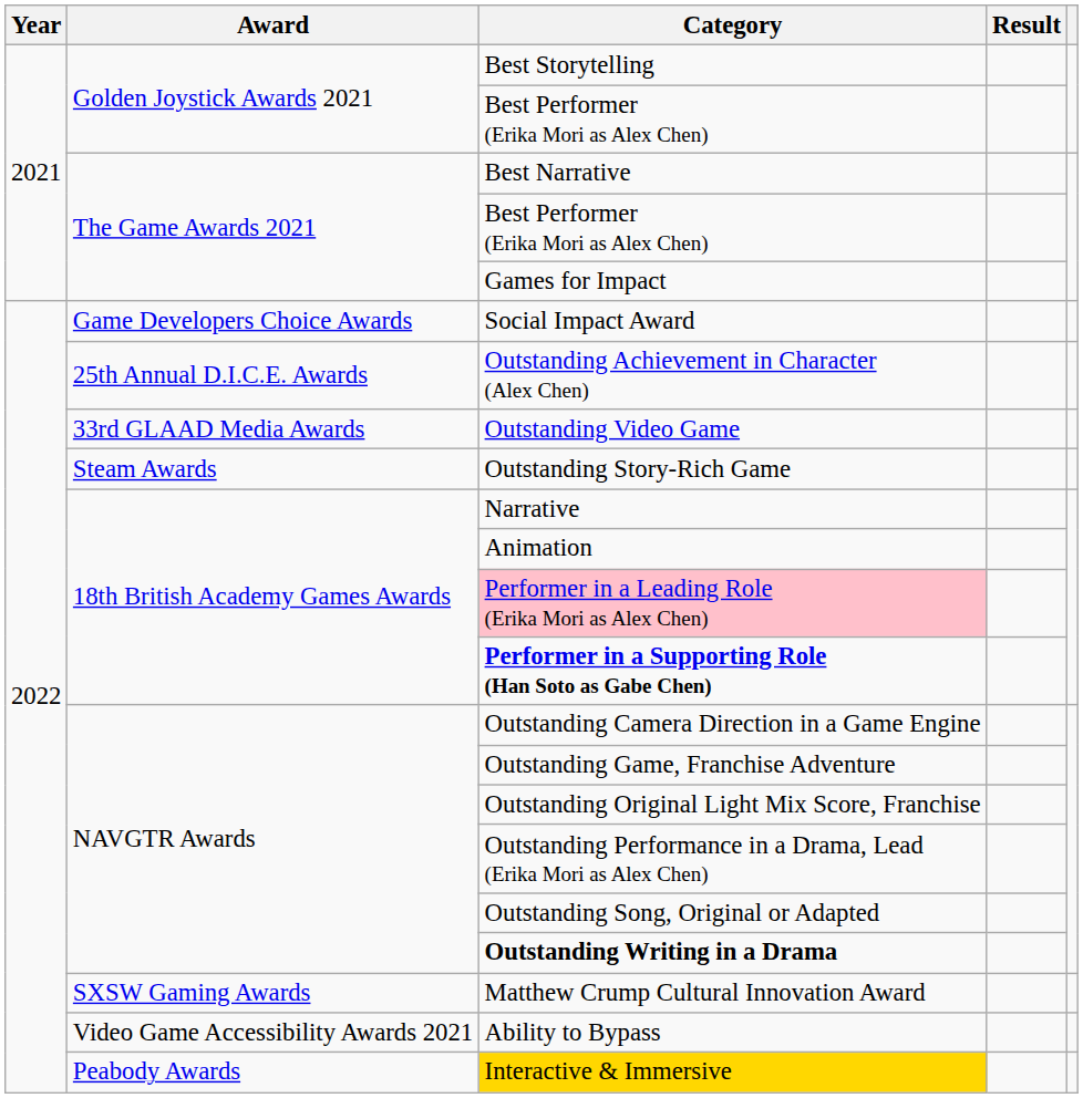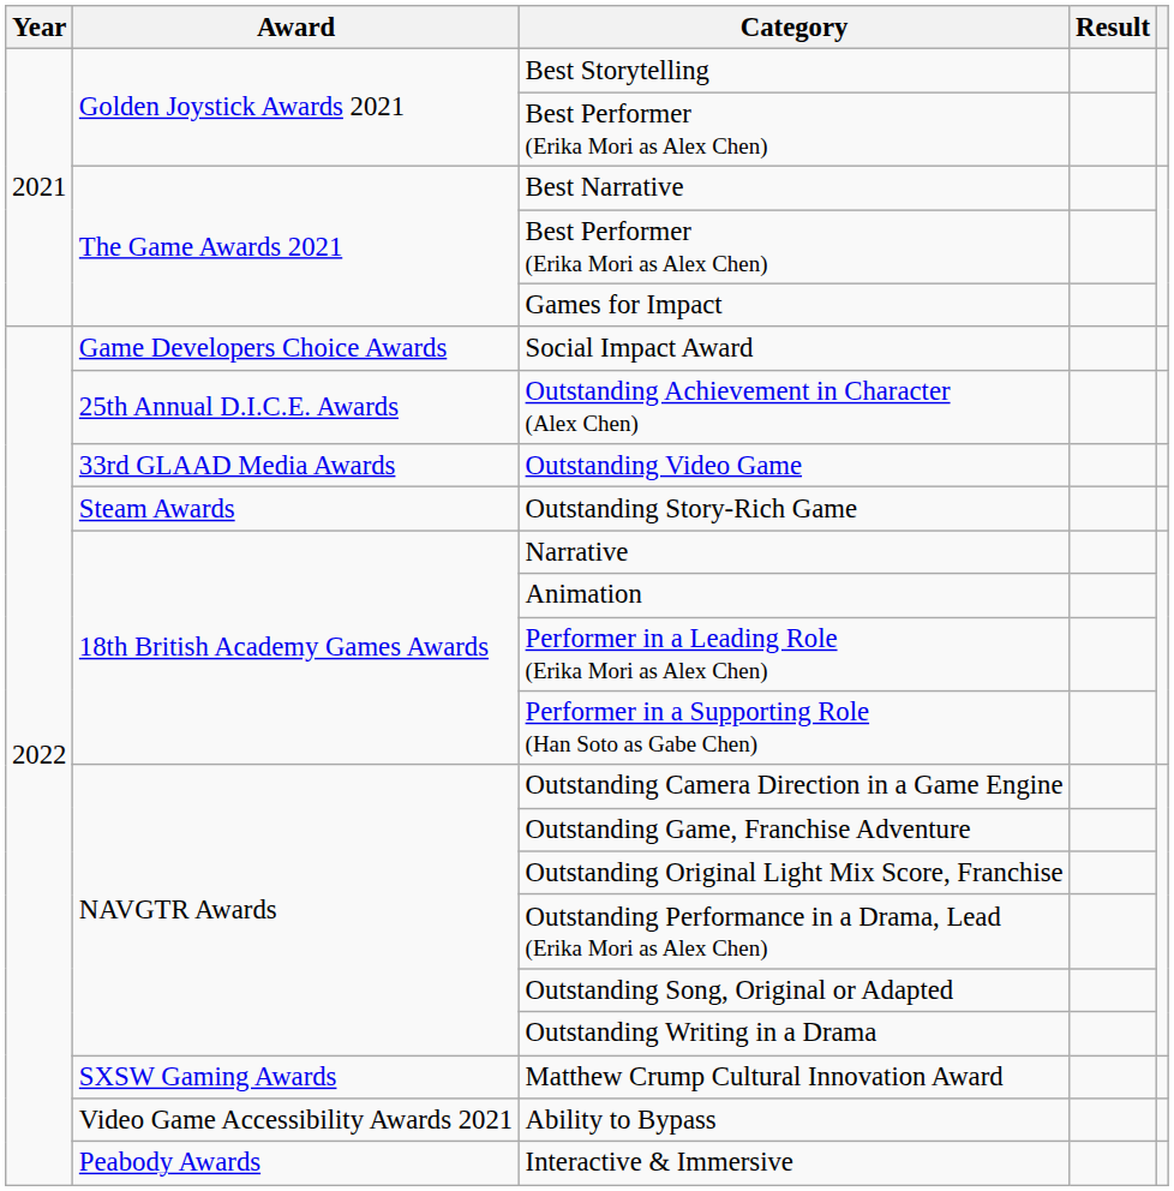 <table class="wikitable unsortable">
 <tr>
 <th>Year</th>
 <th>Award</th>
 <th>Category</th>
 <th>Result</th>
 <th></th>
 </tr>
 <tr>
 <td rowspan="5">2021</td>
 <td rowspan="2"><a href='#'>Golden Joystick Awards</a> 2021</td>
 <td>Best Storytelling</td>
 <td></td>
 <td rowspan="2" style="text-align:center;"></td>
 </tr>
 <tr>
 <td>Best Performer<br><small>(Erika Mori as Alex Chen)</small></td>
 <td></td>
 </tr>
 <tr>
 <td rowspan="3"><a href='#'>The Game Awards 2021</a></td>
 <td>Best Narrative</td>
 <td></td>
 <td rowspan="3" style="text-align:center;"></td>
 </tr>
 <tr>
 <td>Best Performer<br><small>(Erika Mori as Alex Chen)</small></td>
 <td></td>
 </tr>
 <tr>
 <td>Games for Impact</td>
 <td></td>
 </tr>
 <tr>
 <td rowspan="17">2022</td>
 <td><a href='#'>Game Developers Choice Awards</a></td>
 <td>Social Impact Award</td>
 <td></td>
 <td style="text-align:center;"></td>
 </tr>
 <tr>
 <td><a href='#'>25th Annual D.I.C.E. Awards</a></td>
 <td><a href='#'>Outstanding Achievement in Character</a><br><small>(Alex Chen)</small></td>
 <td></td>
 <td style="text-align:center;"></td>
 </tr>
 <tr>
 <td><a href='#'>33rd GLAAD Media Awards</a></td>
 <td><a href='#'>Outstanding Video Game</a></td>
 <td></td>
 <td style="text-align:center;"></td>
 </tr>
 <tr>
 <td><a href='#'>Steam Awards</a></td>
 <td>Outstanding Story-Rich Game</td>
 <td></td>
 <td style="text-align:center;"></td>
 </tr>
 <tr>
 <td rowspan="4"><a href='#'>18th British Academy Games Awards</a></td>
 <td>Narrative</td>
 <td></td>
 <td rowspan="4" style="text-align:center;"></td>
 </tr>
 <tr>
 <td>Animation</td>
 <td></td>
 </tr>
 <tr>
-<td style="background: pink;"><a href='#'>Performer in a Leading Role</a><br><small>(Erika Mori as Alex Chen)</small></td>
+<td><a href='#'>Performer in a Leading Role</a><br><small>(Erika Mori as Alex Chen)</small></td>
 <td></td>
 </tr>
 <tr>
-<td><strong><a href='#'>Performer in a Supporting Role</a><br><small>(Han Soto as Gabe Chen)</small></strong></td>
+<td><a href='#'>Performer in a Supporting Role</a><br><small>(Han Soto as Gabe Chen)</small></td>
 <td></td>
 </tr>
 <tr>
 <td rowspan="6">NAVGTR Awards</td>
 <td>Outstanding Camera Direction in a Game Engine</td>
 <td></td>
 <td rowspan="6" style="text-align:center;"></td>
 </tr>
 <tr>
 <td>Outstanding Game, Franchise Adventure</td>
 <td></td>
 </tr>
 <tr>
 <td>Outstanding Original Light Mix Score, Franchise</td>
 <td></td>
 </tr>
 <tr>
 <td>Outstanding Performance in a Drama, Lead<br><small>(Erika Mori as Alex Chen)</small></td>
 <td></td>
 </tr>
 <tr>
 <td>Outstanding Song, Original or Adapted</td>
 <td></td>
 </tr>
 <tr>
-<td><strong>Outstanding Writing in a Drama</strong></td>
+<td>Outstanding Writing in a Drama</td>
 <td></td>
 </tr>
 <tr>
 <td><a href='#'>SXSW Gaming Awards</a></td>
 <td>Matthew Crump Cultural Innovation Award</td>
 <td></td>
 <td style="text-align:center;"></td>
 </tr>
 <tr>
 <td>Video Game Accessibility Awards 2021</td>
 <td>Ability to Bypass</td>
 <td></td>
 <td style="text-align:center;"></td>
 </tr>
 <tr>
 <td><a href='#'>Peabody Awards</a></td>
-<td style="background: gold;">Interactive & Immersive</td>
+<td>Interactive & Immersive</td>
 <td></td>
 <td></td>
 </tr>
 </table>
